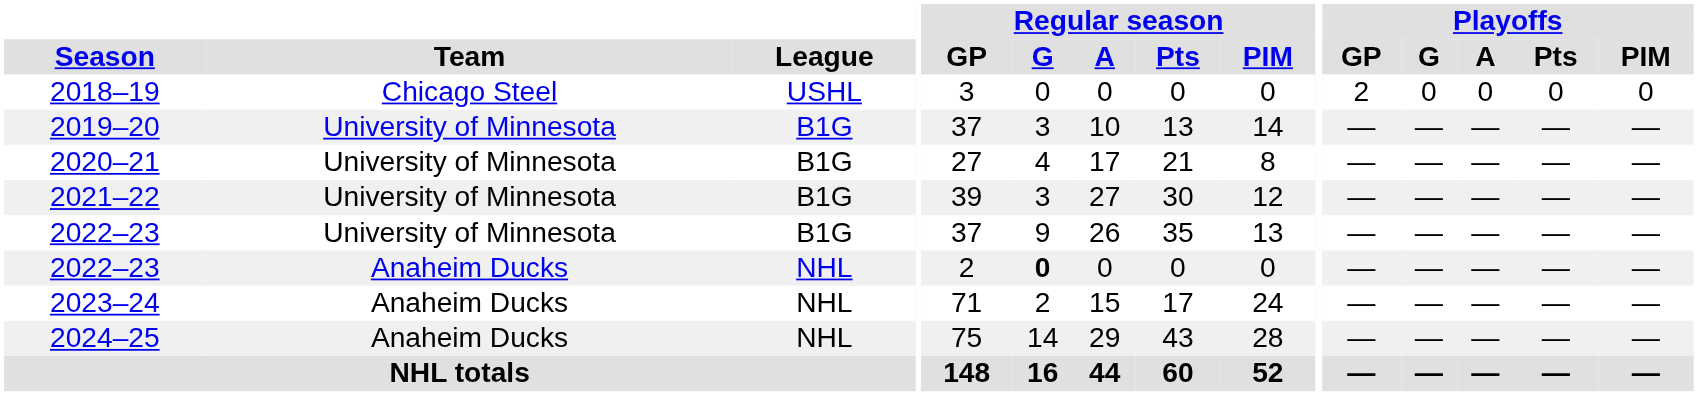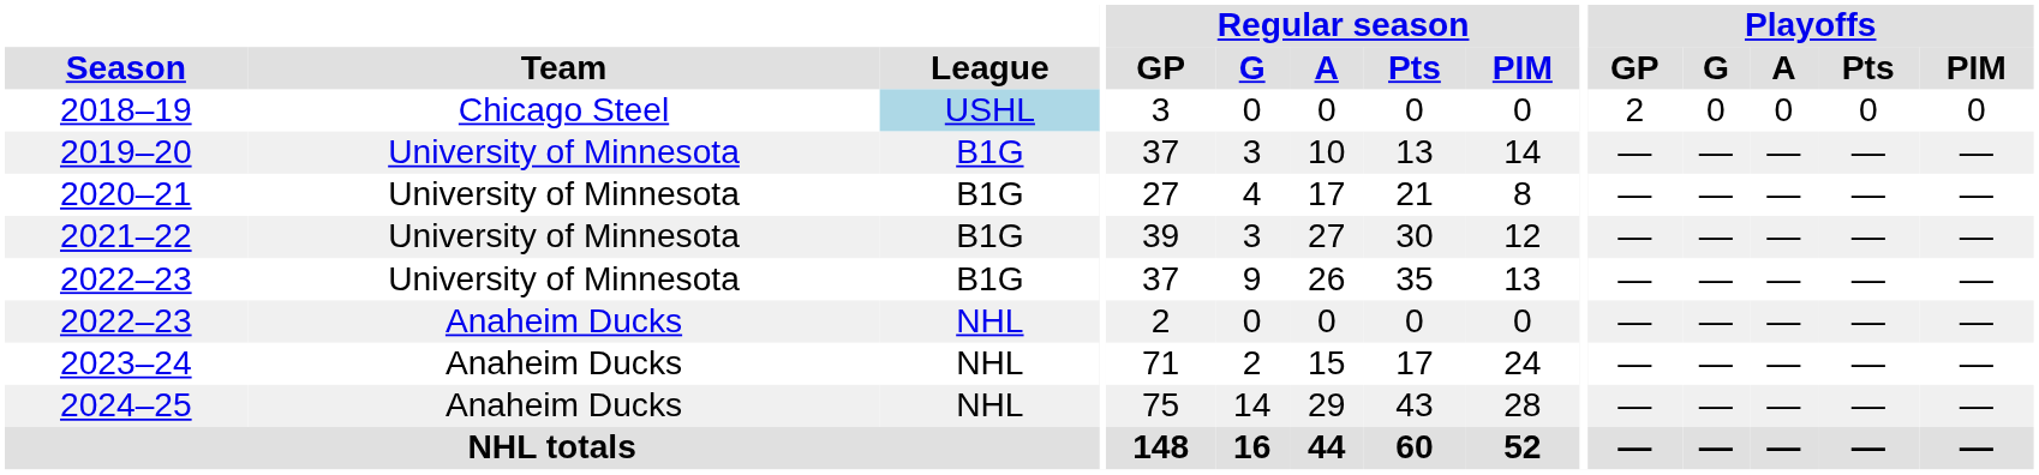 <table border="0" cellpadding="1" cellspacing="0" style="text-align:center; width:60em">
 <tr bgcolor="#e0e0e0">
 <th colspan="3" bgcolor="#ffffff"></th>
 <th rowspan="100" bgcolor="#ffffff"></th>
 <th colspan="5"><a href='#'>Regular season</a></th>
 <th rowspan="100" bgcolor="#ffffff"></th>
 <th colspan="5"><a href='#'>Playoffs</a></th>
 </tr>
 <tr bgcolor="#e0e0e0">
 <th><a href='#'>Season</a></th>
 <th>Team</th>
 <th>League</th>
 <th>GP</th>
 <th><a href='#'>G</a></th>
 <th><a href='#'>A</a></th>
 <th><a href='#'>Pts</a></th>
 <th><a href='#'>PIM</a></th>
 <th>GP</th>
 <th>G</th>
 <th>A</th>
 <th>Pts</th>
 <th>PIM</th>
 </tr>
 <tr>
 <td><a href='#'>2018–19</a></td>
 <td><a href='#'>Chicago Steel</a></td>
-<td><a href='#'>USHL</a></td>
+<td style="background: lightblue;"><a href='#'>USHL</a></td>
 <td>3</td>
 <td>0</td>
 <td>0</td>
 <td>0</td>
 <td>0</td>
 <td>2</td>
 <td>0</td>
 <td>0</td>
 <td>0</td>
 <td>0</td>
 </tr>
 <tr bgcolor="#f0f0f0">
 <td><a href='#'>2019–20</a></td>
 <td><a href='#'>University of Minnesota</a></td>
 <td><a href='#'>B1G</a></td>
 <td>37</td>
 <td>3</td>
 <td>10</td>
 <td>13</td>
 <td>14</td>
 <td>—</td>
 <td>—</td>
 <td>—</td>
 <td>—</td>
 <td>—</td>
 </tr>
 <tr>
 <td><a href='#'>2020–21</a></td>
 <td>University of Minnesota</td>
 <td>B1G</td>
 <td>27</td>
 <td>4</td>
 <td>17</td>
 <td>21</td>
 <td>8</td>
 <td>—</td>
 <td>—</td>
 <td>—</td>
 <td>—</td>
 <td>—</td>
 </tr>
 <tr bgcolor="#f0f0f0">
 <td><a href='#'>2021–22</a></td>
 <td>University of Minnesota</td>
 <td>B1G</td>
 <td>39</td>
 <td>3</td>
 <td>27</td>
 <td>30</td>
 <td>12</td>
 <td>—</td>
 <td>—</td>
 <td>—</td>
 <td>—</td>
 <td>—</td>
 </tr>
 <tr>
 <td><a href='#'>2022–23</a></td>
 <td>University of Minnesota</td>
 <td>B1G</td>
 <td>37</td>
 <td>9</td>
 <td>26</td>
 <td>35</td>
 <td>13</td>
 <td>—</td>
 <td>—</td>
 <td>—</td>
 <td>—</td>
 <td>—</td>
 </tr>
 <tr bgcolor="#f0f0f0">
 <td><a href='#'>2022–23</a></td>
 <td><a href='#'>Anaheim Ducks</a></td>
 <td><a href='#'>NHL</a></td>
 <td>2</td>
-<td><strong>0</strong></td>
+<td>0</td>
 <td>0</td>
 <td>0</td>
 <td>0</td>
 <td>—</td>
 <td>—</td>
 <td>—</td>
 <td>—</td>
 <td>—</td>
 </tr>
 <tr>
 <td><a href='#'>2023–24</a></td>
 <td>Anaheim Ducks</td>
 <td>NHL</td>
 <td>71</td>
 <td>2</td>
 <td>15</td>
 <td>17</td>
 <td>24</td>
 <td>—</td>
 <td>—</td>
 <td>—</td>
 <td>—</td>
 <td>—</td>
 </tr>
 <tr bgcolor="#f0f0f0">
 <td><a href='#'>2024–25</a></td>
 <td>Anaheim Ducks</td>
 <td>NHL</td>
 <td>75</td>
 <td>14</td>
 <td>29</td>
 <td>43</td>
 <td>28</td>
 <td>—</td>
 <td>—</td>
 <td>—</td>
 <td>—</td>
 <td>—</td>
 </tr>
 <tr bgcolor="#e0e0e0">
 <th colspan="3">NHL totals</th>
 <th>148</th>
 <th>16</th>
 <th>44</th>
 <th>60</th>
 <th>52</th>
 <th>—</th>
 <th>—</th>
 <th>—</th>
 <th>—</th>
 <th>—</th>
 </tr>
 </table>
